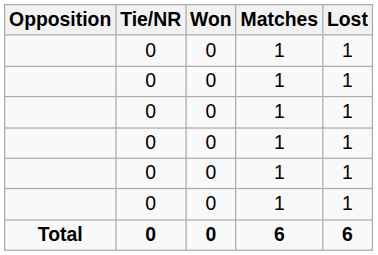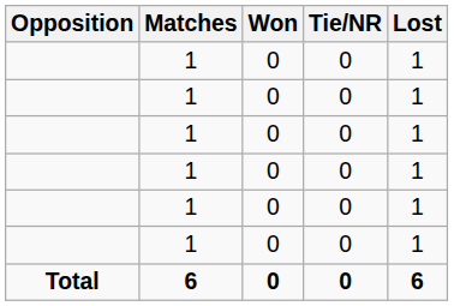 <table class="wikitable" style="text-align: center;">
 <tr>
 <th>Opposition</th>
+<th>Matches</th>
+<th>Won</th>
 <th>Tie/NR</th>
-<th>Won</th>
-<th>Matches</th>
 <th>Lost</th>
 </tr>
 <tr>
 <td></td>
+<td>1</td>
 <td>0</td>
 <td>0</td>
-<td>1</td>
 <td>1</td>
 </tr>
 <tr>
 <td></td>
+<td>1</td>
 <td>0</td>
 <td>0</td>
-<td>1</td>
 <td>1</td>
 </tr>
 <tr>
 <td></td>
+<td>1</td>
 <td>0</td>
 <td>0</td>
-<td>1</td>
 <td>1</td>
 </tr>
 <tr>
 <td></td>
+<td>1</td>
 <td>0</td>
 <td>0</td>
-<td>1</td>
 <td>1</td>
 </tr>
 <tr>
 <td></td>
+<td>1</td>
 <td>0</td>
 <td>0</td>
-<td>1</td>
 <td>1</td>
 </tr>
 <tr>
 <td></td>
+<td>1</td>
 <td>0</td>
 <td>0</td>
-<td>1</td>
 <td>1</td>
 </tr>
 <tr>
 <td><strong>Total</strong></td>
+<td><strong>6</strong></td>
 <td><strong>0</strong></td>
 <td><strong>0</strong></td>
 <td><strong>6</strong></td>
-<td><strong>6</strong></td>
 </tr>
 </table>
